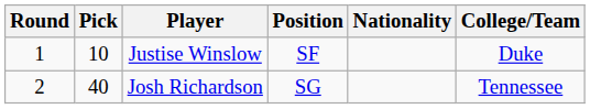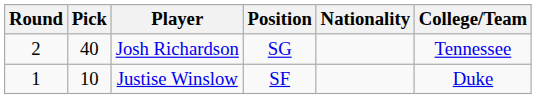 <table class="wikitable sortable">
 <tr>
 <th>Round</th>
 <th>Pick</th>
 <th>Player</th>
 <th>Position</th>
 <th>Nationality</th>
 <th>College/Team</th>
 </tr>
 <tr style="text-align: center">
+<td>2</td>
+<td>40</td>
+<td><a href='#'>Josh Richardson</a></td>
+<td><a href='#'>SG</a></td>
+<td></td>
+<td><a href='#'>Tennessee</a></td>
+</tr>
+<tr style="text-align: center">
 <td>1</td>
 <td>10</td>
 <td><a href='#'>Justise Winslow</a></td>
 <td><a href='#'>SF</a></td>
 <td></td>
 <td><a href='#'>Duke</a></td>
 </tr>
-<tr style="text-align: center">
-<td>2</td>
-<td>40</td>
-<td><a href='#'>Josh Richardson</a></td>
-<td><a href='#'>SG</a></td>
-<td></td>
-<td><a href='#'>Tennessee</a></td>
-</tr>
 </table>
